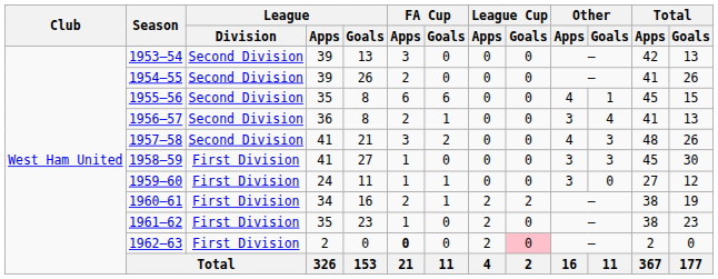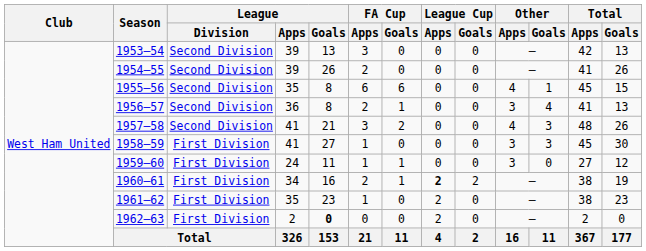 <table class="wikitable" style="text-align:center">
 <tr>
 <th rowspan="2">Club</th>
 <th rowspan="2">Season</th>
 <th colspan="3">League</th>
 <th colspan="2">FA Cup</th>
 <th colspan="2">League Cup</th>
 <th colspan="2">Other</th>
 <th colspan="2">Total</th>
 </tr>
 <tr>
 <th>Division</th>
 <th>Apps</th>
 <th>Goals</th>
 <th>Apps</th>
 <th>Goals</th>
 <th>Apps</th>
 <th>Goals</th>
 <th>Apps</th>
 <th>Goals</th>
 <th>Apps</th>
 <th>Goals</th>
 </tr>
 <tr>
 <td rowspan="14"><a href='#'>West Ham United</a></td>
 <td><a href='#'>1953–54</a></td>
 <td><a href='#'>Second Division</a></td>
 <td>39</td>
 <td>13</td>
 <td>3</td>
 <td>0</td>
 <td>0</td>
 <td>0</td>
 <td colspan="2">—</td>
 <td>42</td>
 <td>13</td>
 </tr>
 <tr>
 <td><a href='#'>1954–55</a></td>
 <td><a href='#'>Second Division</a></td>
 <td>39</td>
 <td>26</td>
 <td>2</td>
 <td>0</td>
 <td>0</td>
 <td>0</td>
 <td colspan="2">—</td>
 <td>41</td>
 <td>26</td>
 </tr>
 <tr>
 <td><a href='#'>1955–56</a></td>
 <td><a href='#'>Second Division</a></td>
 <td>35</td>
 <td>8</td>
 <td>6</td>
 <td>6</td>
 <td>0</td>
 <td>0</td>
 <td>4</td>
 <td>1</td>
 <td>45</td>
 <td>15</td>
 </tr>
 <tr>
 <td><a href='#'>1956–57</a></td>
 <td><a href='#'>Second Division</a></td>
 <td>36</td>
 <td>8</td>
 <td>2</td>
 <td>1</td>
 <td>0</td>
 <td>0</td>
 <td>3</td>
 <td>4</td>
 <td>41</td>
 <td>13</td>
 </tr>
 <tr>
 <td><a href='#'>1957–58</a></td>
 <td><a href='#'>Second Division</a></td>
 <td>41</td>
 <td>21</td>
 <td>3</td>
 <td>2</td>
 <td>0</td>
 <td>0</td>
 <td>4</td>
 <td>3</td>
 <td>48</td>
 <td>26</td>
 </tr>
 <tr>
 <td><a href='#'>1958–59</a></td>
 <td><a href='#'>First Division</a></td>
 <td>41</td>
 <td>27</td>
 <td>1</td>
 <td>0</td>
 <td>0</td>
 <td>0</td>
 <td>3</td>
 <td>3</td>
 <td>45</td>
 <td>30</td>
 </tr>
 <tr>
 <td><a href='#'>1959–60</a></td>
 <td><a href='#'>First Division</a></td>
 <td>24</td>
 <td>11</td>
 <td>1</td>
 <td>1</td>
 <td>0</td>
 <td>0</td>
 <td>3</td>
 <td>0</td>
 <td>27</td>
 <td>12</td>
 </tr>
 <tr>
 <td><a href='#'>1960–61</a></td>
 <td><a href='#'>First Division</a></td>
 <td>34</td>
 <td>16</td>
 <td>2</td>
 <td>1</td>
-<td>2</td>
+<td><strong>2</strong></td>
 <td>2</td>
 <td colspan="2">—</td>
 <td>38</td>
 <td>19</td>
 </tr>
 <tr>
 <td><a href='#'>1961–62</a></td>
 <td><a href='#'>First Division</a></td>
 <td>35</td>
 <td>23</td>
 <td>1</td>
 <td>0</td>
 <td>2</td>
 <td>0</td>
 <td colspan="2">—</td>
 <td>38</td>
 <td>23</td>
 </tr>
 <tr>
 <td><a href='#'>1962–63</a></td>
 <td><a href='#'>First Division</a></td>
 <td>2</td>
-<td>0</td>
 <td><strong>0</strong></td>
 <td>0</td>
+<td>0</td>
 <td>2</td>
-<td style="background: pink;">0</td>
+<td>0</td>
 <td colspan="2">—</td>
 <td>2</td>
 <td>0</td>
 </tr>
 <tr>
 <th colspan="2">Total</th>
 <th>326</th>
 <th>153</th>
 <th>21</th>
 <th>11</th>
 <th>4</th>
 <th>2</th>
 <th>16</th>
 <th>11</th>
 <th>367</th>
 <th>177</th>
 </tr>
 </table>
